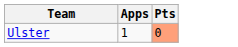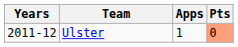 <table class="wikitable" style="text-align:left;">
 <tr>
+<th>Years</th>
 <th width=120px>Team</th>
 <th>Apps</th>
 <th>Pts</th>
 </tr>
 <tr>
+<td>2011-12</td>
 <td><a href='#'>Ulster</a></td>
 <td>1</td>
 <td style="background: lightsalmon;">0</td>
 </tr>
 </table>
